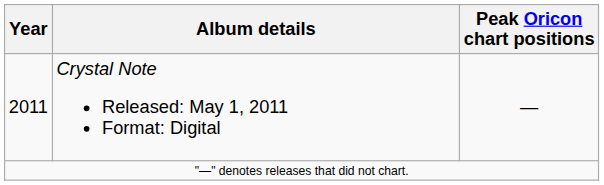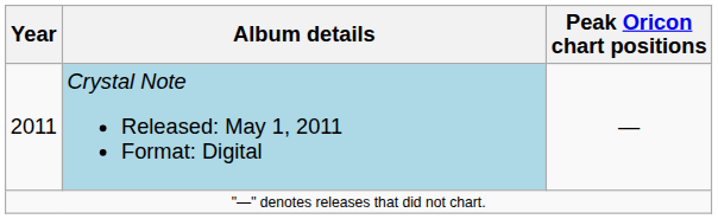 <table class="wikitable" border="1">
 <tr>
 <th rowspan="1">Year</th>
 <th rowspan="1" width="350">Album details</th>
 <th colspan="1">Peak <a href='#'>Oricon</a><br> chart positions</th>
 </tr>
 <tr>
 <td>2011</td>
-<td align="left"><em>Crystal Note</em><br><ul><li>Released: May 1, 2011</li><li>Format: Digital</li></ul></td>
+<td align="left" style="background: lightblue;"><em>Crystal Note</em><br><ul><li>Released: May 1, 2011</li><li>Format: Digital</li></ul></td>
 <td align="center">—</td>
 </tr>
 <tr>
 <td align="center" colspan="13" style="font-size: 8pt">"—" denotes releases that did not chart.</td>
 </tr>
 </table>
